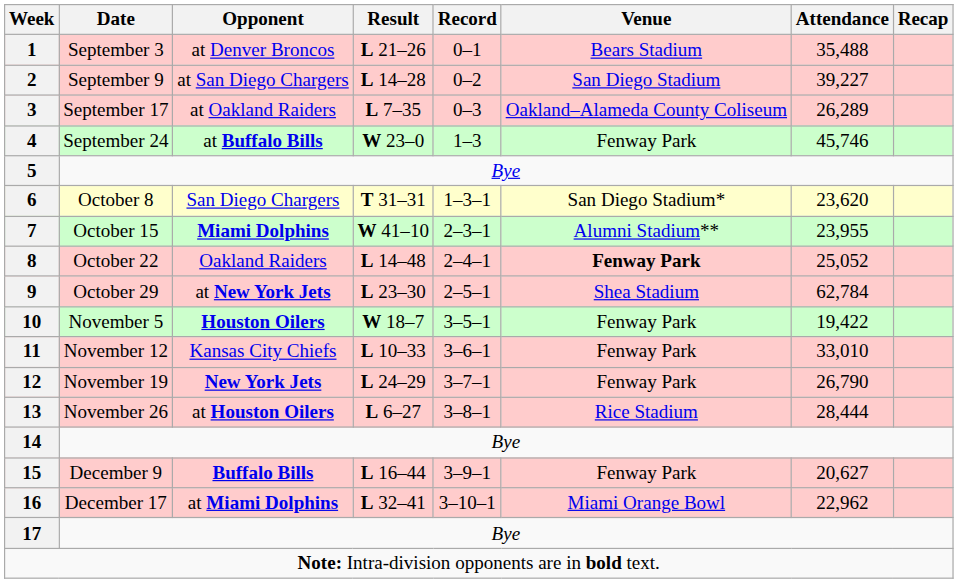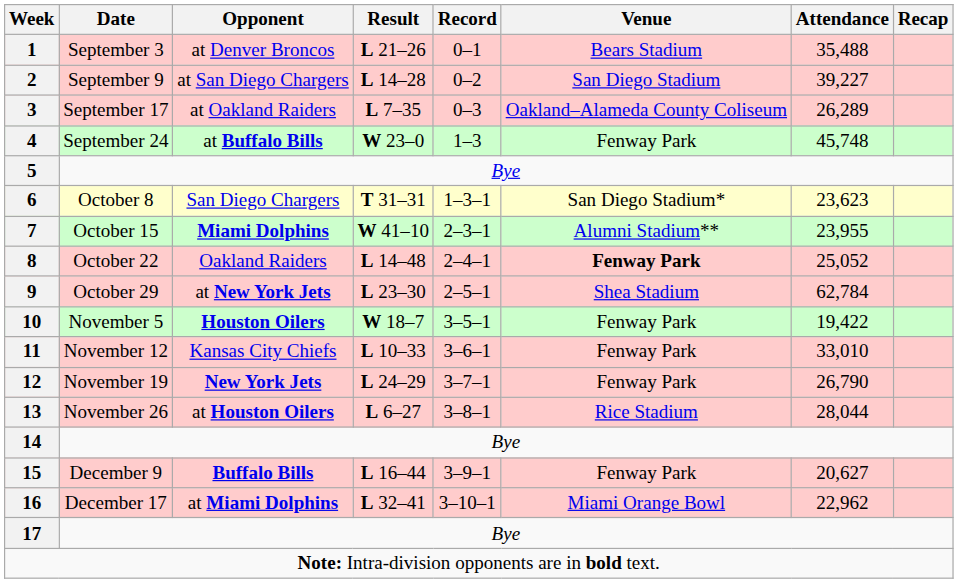 <table class="wikitable" style="text-align:center">
 <tr>
 <th>Week</th>
 <th>Date</th>
 <th>Opponent</th>
 <th>Result</th>
 <th>Record</th>
 <th>Venue</th>
 <th>Attendance</th>
 <th>Recap</th>
 </tr>
 <tr style="background:#fcc">
 <th>1</th>
 <td>September 3</td>
 <td>at <a href='#'>Denver Broncos</a></td>
 <td><strong>L</strong> 21–26</td>
 <td>0–1</td>
 <td><a href='#'>Bears Stadium</a></td>
 <td>35,488</td>
 <td></td>
 </tr>
 <tr style="background:#fcc">
 <th>2</th>
 <td>September 9</td>
 <td>at <a href='#'>San Diego Chargers</a></td>
 <td><strong>L</strong> 14–28</td>
 <td>0–2</td>
 <td><a href='#'>San Diego Stadium</a></td>
 <td>39,227</td>
 <td></td>
 </tr>
 <tr style="background:#fcc">
 <th>3</th>
 <td>September 17</td>
 <td>at <a href='#'>Oakland Raiders</a></td>
 <td><strong>L</strong> 7–35</td>
 <td>0–3</td>
 <td><a href='#'>Oakland–Alameda County Coliseum</a></td>
 <td>26,289</td>
 <td></td>
 </tr>
 <tr style="background:#cfc">
 <th>4</th>
 <td>September 24</td>
 <td>at <strong><a href='#'>Buffalo Bills</a></strong></td>
 <td><strong>W</strong> 23–0</td>
 <td>1–3</td>
 <td>Fenway Park</td>
-<td>45,746</td>
+<td>45,748</td>
 <td></td>
 </tr>
 <tr>
 <th>5</th>
 <td colspan="7"><em><a href='#'>Bye</a></em></td>
 </tr>
 <tr style="background:#ffc">
 <th>6</th>
 <td>October 8</td>
 <td><a href='#'>San Diego Chargers</a></td>
 <td><strong>T</strong> 31–31</td>
 <td>1–3–1</td>
 <td>San Diego Stadium*</td>
-<td>23,620</td>
+<td>23,623</td>
 <td></td>
 </tr>
 <tr style="background:#cfc">
 <th>7</th>
 <td>October 15</td>
 <td><strong><a href='#'>Miami Dolphins</a></strong></td>
 <td><strong>W</strong> 41–10</td>
 <td>2–3–1</td>
 <td><a href='#'>Alumni Stadium</a>**</td>
 <td>23,955</td>
 <td></td>
 </tr>
 <tr style="background:#fcc">
 <th>8</th>
 <td>October 22</td>
 <td><a href='#'>Oakland Raiders</a></td>
 <td><strong>L</strong> 14–48</td>
 <td>2–4–1</td>
 <td><strong>Fenway Park</strong></td>
 <td>25,052</td>
 <td></td>
 </tr>
 <tr style="background:#fcc">
 <th>9</th>
 <td>October 29</td>
 <td>at <strong><a href='#'>New York Jets</a></strong></td>
 <td><strong>L</strong> 23–30</td>
 <td>2–5–1</td>
 <td><a href='#'>Shea Stadium</a></td>
 <td>62,784</td>
 <td></td>
 </tr>
 <tr style="background:#cfc">
 <th>10</th>
 <td>November 5</td>
 <td><strong><a href='#'>Houston Oilers</a></strong></td>
 <td><strong>W</strong> 18–7</td>
 <td>3–5–1</td>
 <td>Fenway Park</td>
 <td>19,422</td>
 <td></td>
 </tr>
 <tr style="background:#fcc">
 <th>11</th>
 <td>November 12</td>
 <td><a href='#'>Kansas City Chiefs</a></td>
 <td><strong>L</strong> 10–33</td>
 <td>3–6–1</td>
 <td>Fenway Park</td>
 <td>33,010</td>
 <td></td>
 </tr>
 <tr style="background:#fcc">
 <th>12</th>
 <td>November 19</td>
 <td><strong><a href='#'>New York Jets</a></strong></td>
 <td><strong>L</strong> 24–29</td>
 <td>3–7–1</td>
 <td>Fenway Park</td>
 <td>26,790</td>
 <td></td>
 </tr>
 <tr style="background:#fcc">
 <th>13</th>
 <td>November 26</td>
 <td>at <strong><a href='#'>Houston Oilers</a></strong></td>
 <td><strong>L</strong> 6–27</td>
 <td>3–8–1</td>
 <td><a href='#'>Rice Stadium</a></td>
-<td>28,444</td>
+<td>28,044</td>
 <td></td>
 </tr>
 <tr>
 <th>14</th>
 <td colspan="7" align="center"><em>Bye</em></td>
 </tr>
 <tr style="background:#fcc">
 <th>15</th>
 <td>December 9</td>
 <td><strong><a href='#'>Buffalo Bills</a></strong></td>
 <td><strong>L</strong> 16–44</td>
 <td>3–9–1</td>
 <td>Fenway Park</td>
 <td>20,627</td>
 <td></td>
 </tr>
 <tr style="background:#fcc">
 <th>16</th>
 <td>December 17</td>
 <td>at <strong><a href='#'>Miami Dolphins</a></strong></td>
 <td><strong>L</strong> 32–41</td>
 <td>3–10–1</td>
 <td><a href='#'>Miami Orange Bowl</a></td>
 <td>22,962</td>
 <td></td>
 </tr>
 <tr>
 <th>17</th>
 <td colspan="7" align="center"><em>Bye</em></td>
 </tr>
 <tr>
 <td colspan="8"><strong>Note:</strong> Intra-division opponents are in <strong>bold</strong> text.</td>
 </tr>
 </table>
